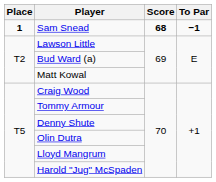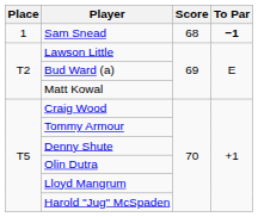 <table class=wikitable>
 <tr>
 <th>Place</th>
 <th>Player</th>
 <th>Score</th>
 <th>To Par</th>
 </tr>
 <tr>
-<td align=center><strong>1</strong></td>
+<td align=center>1</td>
 <td> <a href='#'>Sam Snead</a></td>
-<td align=center><strong>68</strong></td>
+<td align=center>68</td>
 <td align=center><strong>−1</strong></td>
 </tr>
 <tr>
 <td align=center rowspan=3>T2</td>
 <td> <a href='#'>Lawson Little</a></td>
 <td rowspan=3 align=center>69</td>
 <td rowspan=3 align=center>E</td>
 </tr>
 <tr>
 <td> <a href='#'>Bud Ward</a> (a)</td>
 </tr>
 <tr>
 <td> Matt Kowal</td>
 </tr>
 <tr>
 <td rowspan=6 align=center>T5</td>
 <td> <a href='#'>Craig Wood</a></td>
 <td rowspan=6 align=center>70</td>
 <td rowspan=6 align=center>+1</td>
 </tr>
 <tr>
 <td> <a href='#'>Tommy Armour</a></td>
 </tr>
 <tr>
 <td> <a href='#'>Denny Shute</a></td>
 </tr>
 <tr>
 <td> <a href='#'>Olin Dutra</a></td>
 </tr>
 <tr>
 <td> <a href='#'>Lloyd Mangrum</a></td>
 </tr>
 <tr>
 <td> <a href='#'>Harold "Jug" McSpaden</a></td>
 </tr>
 </table>
